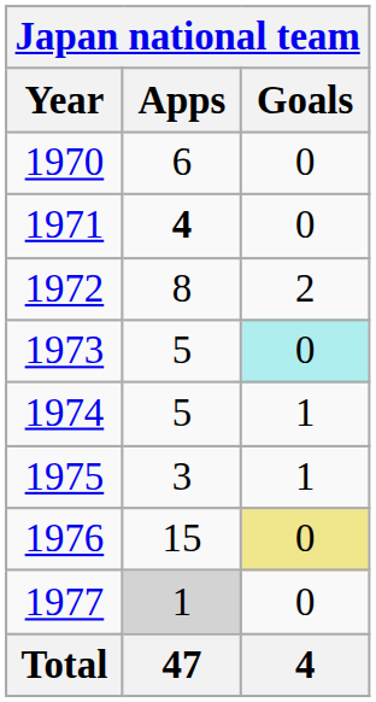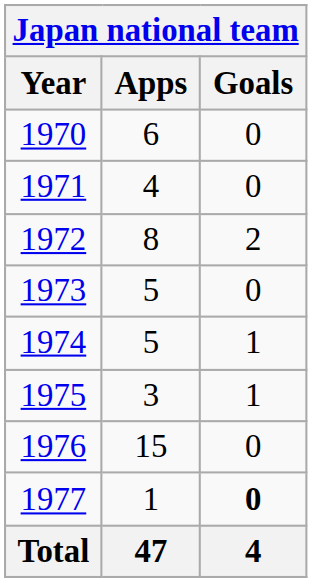 <table class="wikitable" style="text-align:center">
 <tr>
 <th colspan=3><a href='#'>Japan national team</a></th>
 </tr>
 <tr>
 <th>Year</th>
 <th>Apps</th>
 <th>Goals</th>
 </tr>
 <tr>
 <td><a href='#'>1970</a></td>
 <td>6</td>
 <td>0</td>
 </tr>
 <tr>
 <td><a href='#'>1971</a></td>
-<td><strong>4</strong></td>
+<td>4</td>
 <td>0</td>
 </tr>
 <tr>
 <td><a href='#'>1972</a></td>
 <td>8</td>
 <td>2</td>
 </tr>
 <tr>
 <td><a href='#'>1973</a></td>
 <td>5</td>
-<td style="background: paleturquoise;">0</td>
+<td>0</td>
 </tr>
 <tr>
 <td><a href='#'>1974</a></td>
 <td>5</td>
 <td>1</td>
 </tr>
 <tr>
 <td><a href='#'>1975</a></td>
 <td>3</td>
 <td>1</td>
 </tr>
 <tr>
 <td><a href='#'>1976</a></td>
 <td>15</td>
-<td style="background: khaki;">0</td>
+<td>0</td>
 </tr>
 <tr>
 <td><a href='#'>1977</a></td>
-<td style="background: lightgrey;">1</td>
-<td>0</td>
+<td>1</td>
+<td><strong>0</strong></td>
 </tr>
 <tr>
 <th>Total</th>
 <th>47</th>
 <th>4</th>
 </tr>
 </table>
